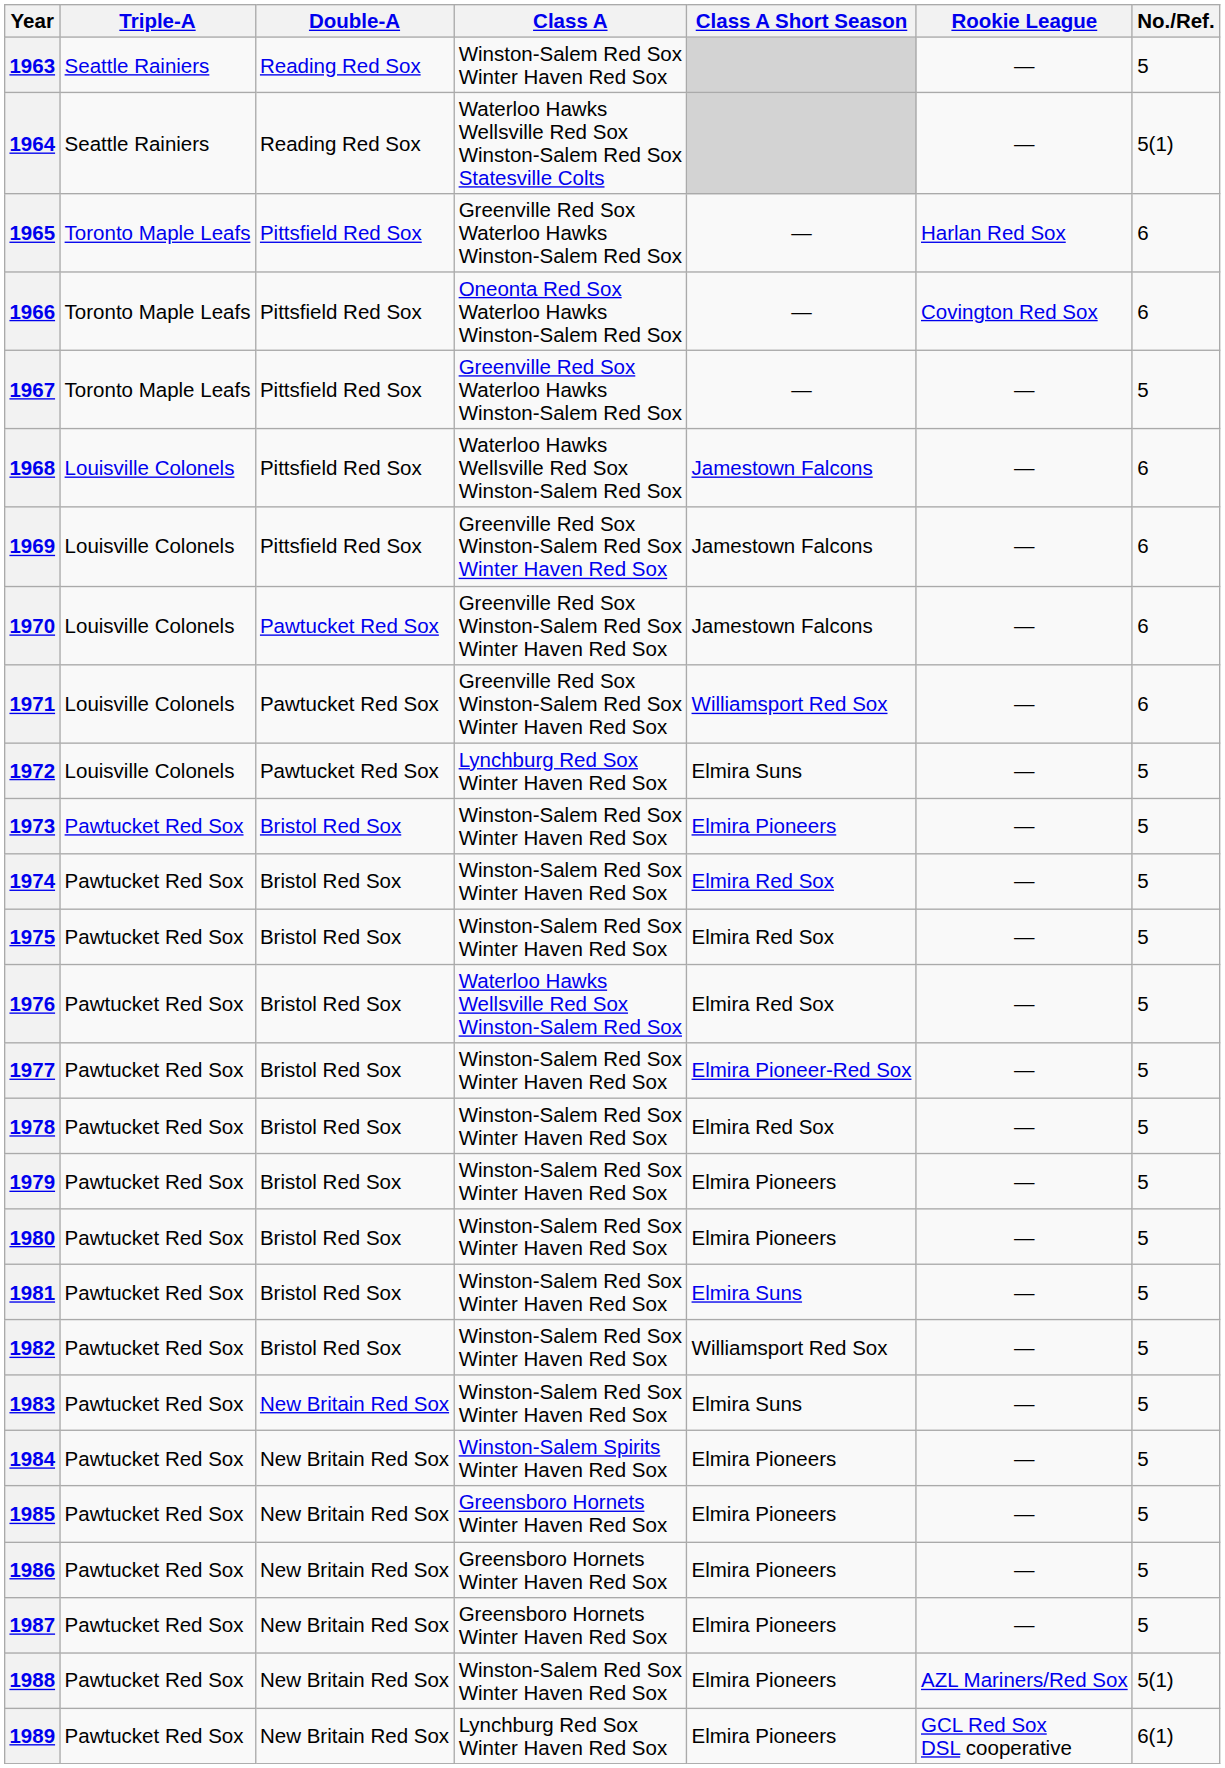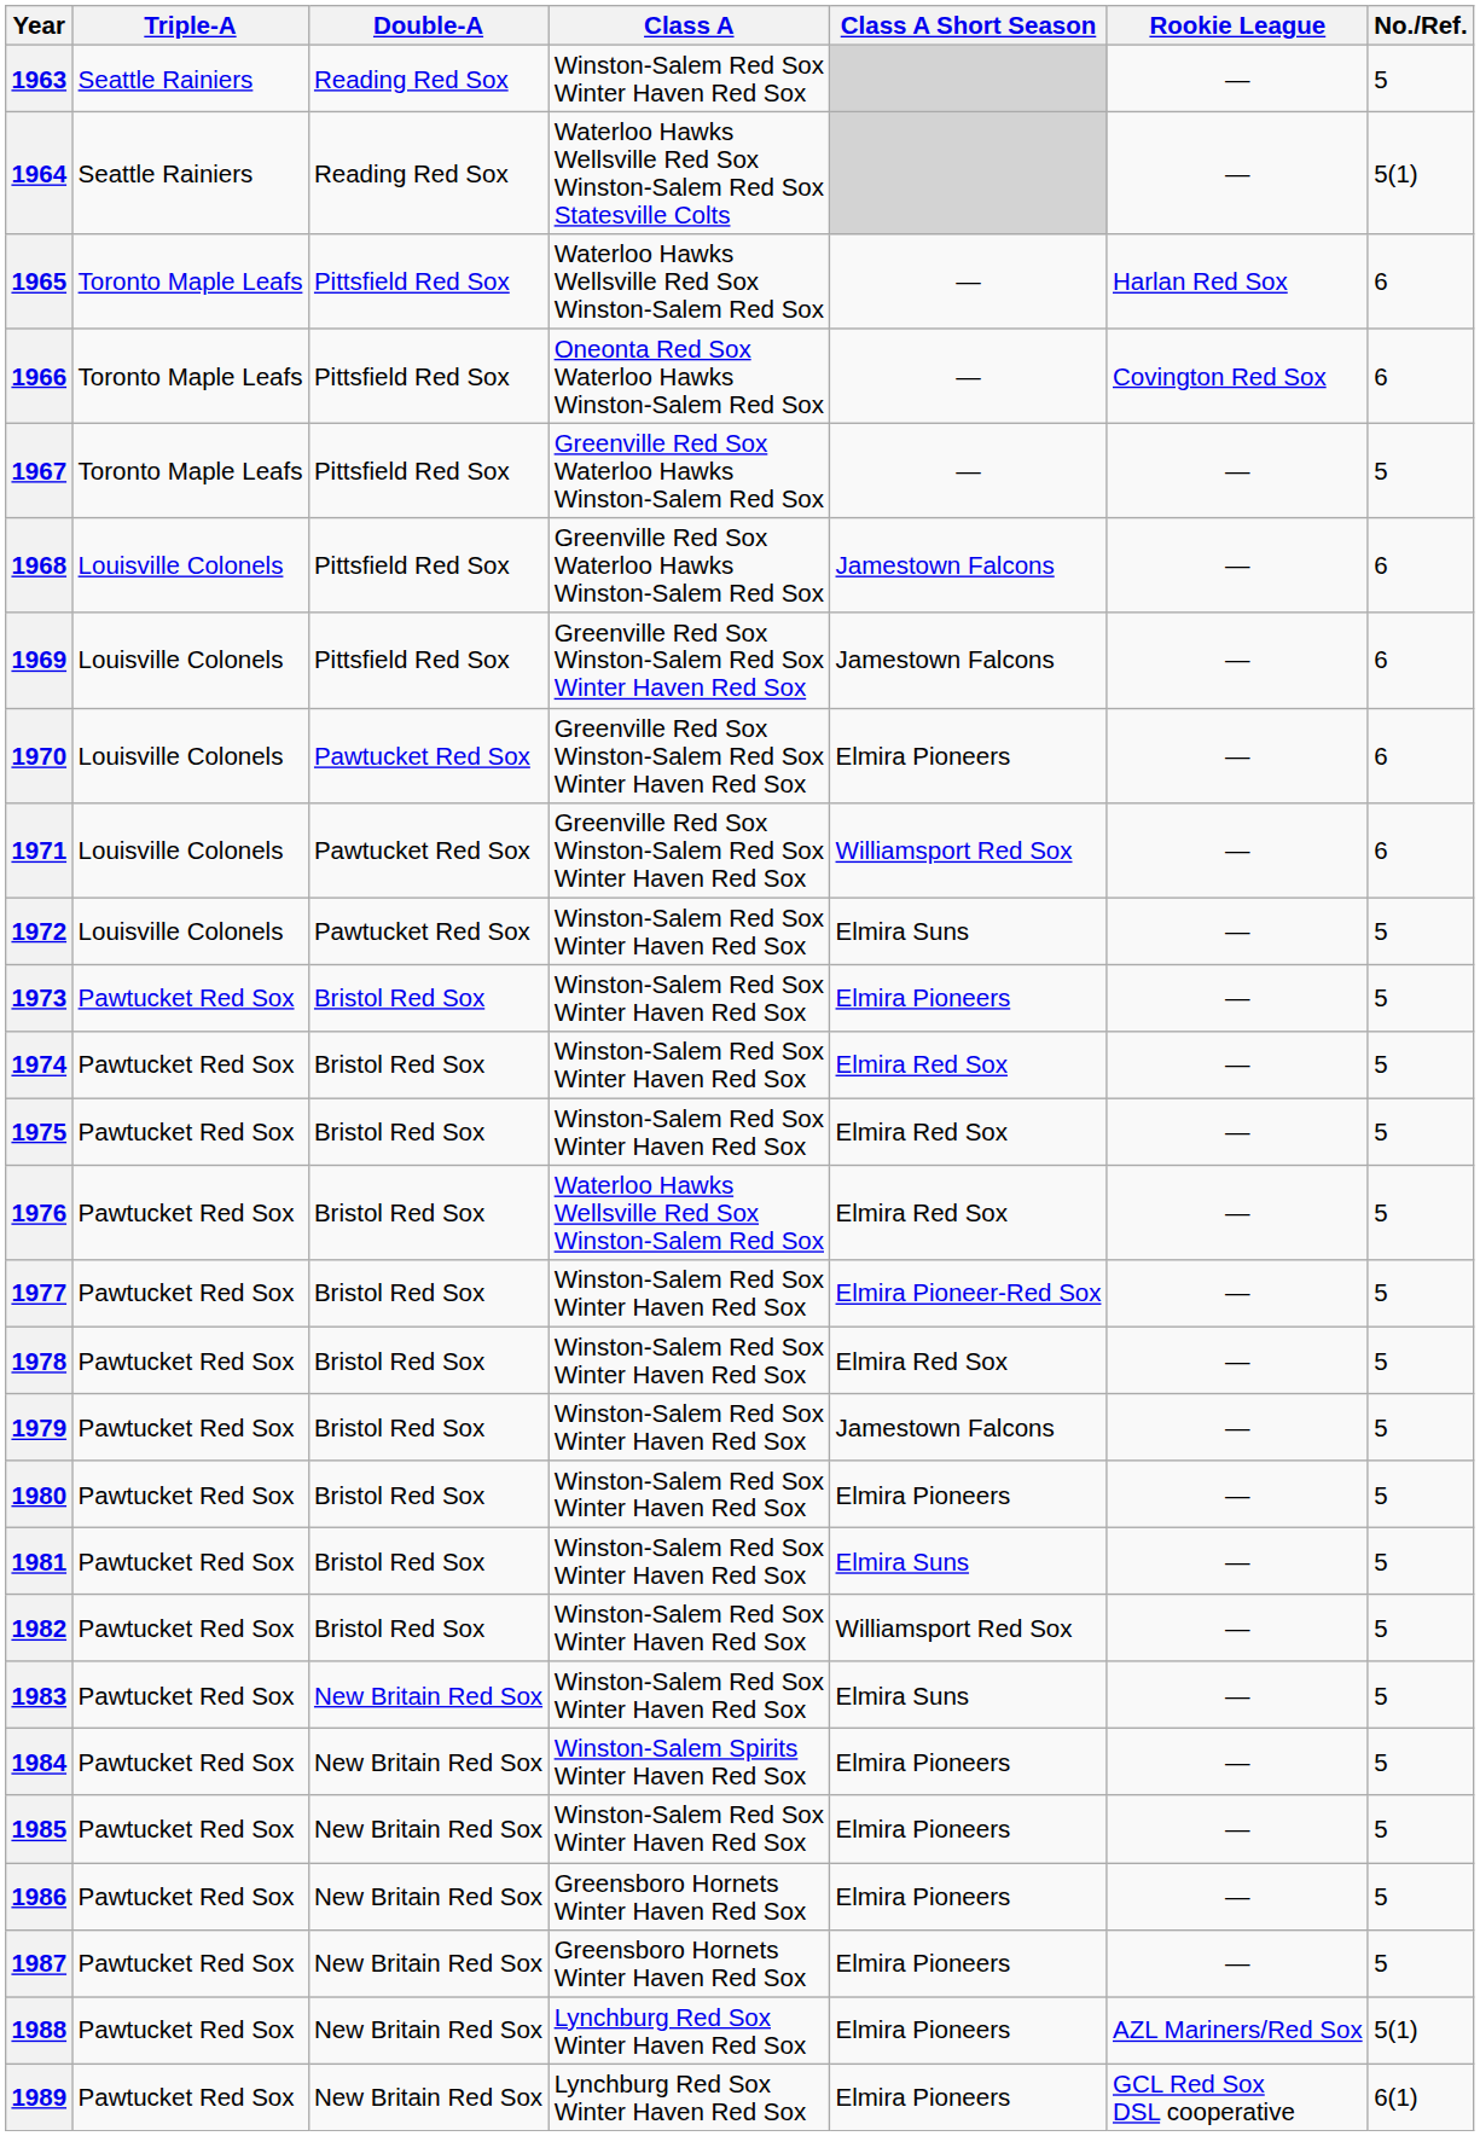 <table class="wikitable" style="text-align:left; font-size: 95%;">
 <tr>
 <th>Year</th>
 <th><a href='#'><span>Triple-A</span></a></th>
 <th><a href='#'><span>Double-A</span></a></th>
 <th><a href='#'><span>Class A</span></a></th>
 <th><a href='#'><span>Class A Short Season</span></a></th>
 <th><a href='#'><span>Rookie League</span></a></th>
 <th>No./Ref.</th>
 </tr>
 <tr>
 <th><a href='#'>1963</a></th>
 <td><a href='#'>Seattle Rainiers</a></td>
 <td><a href='#'>Reading Red Sox</a></td>
 <td>Winston-Salem Red Sox<br>Winter Haven Red Sox</td>
 <td bgcolor=lightgrey></td>
 <td align="center">—</td>
 <td>5</td>
 </tr>
 <tr>
 <th><a href='#'>1964</a></th>
 <td>Seattle Rainiers</td>
 <td>Reading Red Sox</td>
 <td>Waterloo Hawks<br>Wellsville Red Sox<br>Winston-Salem Red Sox<br><a href='#'>Statesville Colts</a></td>
 <td bgcolor=lightgrey></td>
 <td align="center">—</td>
 <td>5(1)</td>
 </tr>
 <tr>
 <th><a href='#'>1965</a></th>
 <td><a href='#'>Toronto Maple Leafs</a></td>
 <td><a href='#'>Pittsfield Red Sox</a></td>
-<td>Greenville Red Sox<br>Waterloo Hawks<br>Winston-Salem Red Sox</td>
+<td>Waterloo Hawks<br>Wellsville Red Sox<br>Winston-Salem Red Sox</td>
 <td align="center">—</td>
 <td><a href='#'>Harlan Red Sox</a></td>
 <td>6</td>
 </tr>
 <tr>
 <th><a href='#'>1966</a></th>
 <td>Toronto Maple Leafs</td>
 <td>Pittsfield Red Sox</td>
 <td><a href='#'>Oneonta Red Sox</a><br>Waterloo Hawks<br>Winston-Salem Red Sox</td>
 <td align="center">—</td>
 <td><a href='#'>Covington Red Sox</a></td>
 <td>6</td>
 </tr>
 <tr>
 <th><a href='#'>1967</a></th>
 <td>Toronto Maple Leafs</td>
 <td>Pittsfield Red Sox</td>
 <td><a href='#'>Greenville Red Sox</a><br>Waterloo Hawks<br>Winston-Salem Red Sox</td>
 <td align="center">—</td>
 <td align="center">—</td>
 <td>5</td>
 </tr>
 <tr>
 <th><a href='#'>1968</a></th>
 <td><a href='#'>Louisville Colonels</a></td>
 <td>Pittsfield Red Sox</td>
-<td>Waterloo Hawks<br>Wellsville Red Sox<br>Winston-Salem Red Sox</td>
+<td>Greenville Red Sox<br>Waterloo Hawks<br>Winston-Salem Red Sox</td>
 <td><a href='#'>Jamestown Falcons</a></td>
 <td align="center">—</td>
 <td>6</td>
 </tr>
 <tr>
 <th><a href='#'>1969</a></th>
 <td>Louisville Colonels</td>
 <td>Pittsfield Red Sox</td>
 <td>Greenville Red Sox<br>Winston-Salem Red Sox<br><a href='#'>Winter Haven Red Sox</a></td>
 <td>Jamestown Falcons</td>
 <td align="center">—</td>
 <td>6</td>
 </tr>
 <tr>
 <th><a href='#'>1970</a></th>
 <td>Louisville Colonels</td>
 <td><a href='#'>Pawtucket Red Sox</a></td>
 <td>Greenville Red Sox<br>Winston-Salem Red Sox<br>Winter Haven Red Sox</td>
-<td>Jamestown Falcons</td>
+<td>Elmira Pioneers</td>
 <td align="center">—</td>
 <td>6</td>
 </tr>
 <tr>
 <th><a href='#'>1971</a></th>
 <td>Louisville Colonels</td>
 <td>Pawtucket Red Sox</td>
 <td>Greenville Red Sox<br>Winston-Salem Red Sox<br>Winter Haven Red Sox</td>
 <td><a href='#'>Williamsport Red Sox</a></td>
 <td align="center">—</td>
 <td>6</td>
 </tr>
 <tr>
 <th><a href='#'>1972</a></th>
 <td>Louisville Colonels</td>
 <td>Pawtucket Red Sox</td>
-<td><a href='#'>Lynchburg Red Sox</a><br>Winter Haven Red Sox</td>
+<td>Winston-Salem Red Sox<br>Winter Haven Red Sox</td>
 <td>Elmira Suns</td>
 <td align="center">—</td>
 <td>5</td>
 </tr>
 <tr>
 <th><a href='#'>1973</a></th>
 <td><a href='#'>Pawtucket Red Sox</a></td>
 <td><a href='#'>Bristol Red Sox</a></td>
 <td>Winston-Salem Red Sox<br>Winter Haven Red Sox</td>
 <td><a href='#'>Elmira Pioneers</a></td>
 <td align="center">—</td>
 <td>5</td>
 </tr>
 <tr>
 <th><a href='#'>1974</a></th>
 <td>Pawtucket Red Sox</td>
 <td>Bristol Red Sox</td>
 <td>Winston-Salem Red Sox<br>Winter Haven Red Sox</td>
 <td><a href='#'>Elmira Red Sox</a></td>
 <td align="center">—</td>
 <td>5</td>
 </tr>
 <tr>
 <th><a href='#'>1975</a></th>
 <td>Pawtucket Red Sox</td>
 <td>Bristol Red Sox</td>
 <td>Winston-Salem Red Sox<br>Winter Haven Red Sox</td>
 <td>Elmira Red Sox</td>
 <td align="center">—</td>
 <td>5</td>
 </tr>
 <tr>
 <th><a href='#'>1976</a></th>
 <td>Pawtucket Red Sox</td>
 <td>Bristol Red Sox</td>
 <td><a href='#'>Waterloo Hawks</a><br><a href='#'>Wellsville Red Sox</a><br><a href='#'>Winston-Salem Red Sox</a></td>
 <td>Elmira Red Sox</td>
 <td align="center">—</td>
 <td>5</td>
 </tr>
 <tr>
 <th><a href='#'>1977</a></th>
 <td>Pawtucket Red Sox</td>
 <td>Bristol Red Sox</td>
 <td>Winston-Salem Red Sox<br>Winter Haven Red Sox</td>
 <td><a href='#'>Elmira Pioneer-Red Sox</a></td>
 <td align="center">—</td>
 <td>5</td>
 </tr>
 <tr>
 <th><a href='#'>1978</a></th>
 <td>Pawtucket Red Sox</td>
 <td>Bristol Red Sox</td>
 <td>Winston-Salem Red Sox<br>Winter Haven Red Sox</td>
 <td>Elmira Red Sox</td>
 <td align="center">—</td>
 <td>5</td>
 </tr>
 <tr>
 <th><a href='#'>1979</a></th>
 <td>Pawtucket Red Sox</td>
 <td>Bristol Red Sox</td>
 <td>Winston-Salem Red Sox<br>Winter Haven Red Sox</td>
-<td>Elmira Pioneers</td>
+<td>Jamestown Falcons</td>
 <td align="center">—</td>
 <td>5</td>
 </tr>
 <tr>
 <th><a href='#'>1980</a></th>
 <td>Pawtucket Red Sox</td>
 <td>Bristol Red Sox</td>
 <td>Winston-Salem Red Sox<br>Winter Haven Red Sox</td>
 <td>Elmira Pioneers</td>
 <td align="center">—</td>
 <td>5</td>
 </tr>
 <tr>
 <th><a href='#'>1981</a></th>
 <td>Pawtucket Red Sox</td>
 <td>Bristol Red Sox</td>
 <td>Winston-Salem Red Sox<br>Winter Haven Red Sox</td>
 <td><a href='#'>Elmira Suns</a></td>
 <td align="center">—</td>
 <td>5</td>
 </tr>
 <tr>
 <th><a href='#'>1982</a></th>
 <td>Pawtucket Red Sox</td>
 <td>Bristol Red Sox</td>
 <td>Winston-Salem Red Sox<br>Winter Haven Red Sox</td>
 <td>Williamsport Red Sox</td>
 <td align="center">—</td>
 <td>5</td>
 </tr>
 <tr>
 <th><a href='#'>1983</a></th>
 <td>Pawtucket Red Sox</td>
 <td><a href='#'>New Britain Red Sox</a></td>
 <td>Winston-Salem Red Sox<br>Winter Haven Red Sox</td>
 <td>Elmira Suns</td>
 <td align="center">—</td>
 <td>5</td>
 </tr>
 <tr>
 <th><a href='#'>1984</a></th>
 <td>Pawtucket Red Sox</td>
 <td>New Britain Red Sox</td>
 <td><a href='#'>Winston-Salem Spirits</a><br>Winter Haven Red Sox</td>
 <td>Elmira Pioneers</td>
 <td align="center">—</td>
 <td>5</td>
 </tr>
 <tr>
 <th><a href='#'>1985</a></th>
 <td>Pawtucket Red Sox</td>
 <td>New Britain Red Sox</td>
-<td><a href='#'>Greensboro Hornets</a><br>Winter Haven Red Sox</td>
+<td>Winston-Salem Red Sox<br>Winter Haven Red Sox</td>
 <td>Elmira Pioneers</td>
 <td align="center">—</td>
 <td>5</td>
 </tr>
 <tr>
 <th><a href='#'>1986</a></th>
 <td>Pawtucket Red Sox</td>
 <td>New Britain Red Sox</td>
 <td>Greensboro Hornets<br>Winter Haven Red Sox</td>
 <td>Elmira Pioneers</td>
 <td align="center">—</td>
 <td>5</td>
 </tr>
 <tr>
 <th><a href='#'>1987</a></th>
 <td>Pawtucket Red Sox</td>
 <td>New Britain Red Sox</td>
 <td>Greensboro Hornets<br>Winter Haven Red Sox</td>
 <td>Elmira Pioneers</td>
 <td align="center">—</td>
 <td>5</td>
 </tr>
 <tr>
 <th><a href='#'>1988</a></th>
 <td>Pawtucket Red Sox</td>
 <td>New Britain Red Sox</td>
-<td>Winston-Salem Red Sox<br>Winter Haven Red Sox</td>
+<td><a href='#'>Lynchburg Red Sox</a><br>Winter Haven Red Sox</td>
 <td>Elmira Pioneers</td>
 <td><a href='#'>AZL Mariners/Red Sox</a></td>
 <td>5(1)</td>
 </tr>
 <tr>
 <th><a href='#'>1989</a></th>
 <td>Pawtucket Red Sox</td>
 <td>New Britain Red Sox</td>
 <td>Lynchburg Red Sox<br>Winter Haven Red Sox</td>
 <td>Elmira Pioneers</td>
 <td><a href='#'>GCL Red Sox</a><br><a href='#'>DSL</a> cooperative</td>
 <td>6(1)</td>
 </tr>
 </table>
